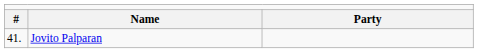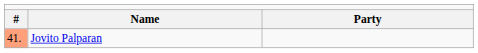 <table class=wikitable width=99% style="font-size:95%">
 <tr>
 <td colspan=4 bgcolor=></td>
 </tr>
 <tr>
 <th width=5%>#</th>
 <th width=50%>Name</th>
 <th colspan=2>Party</th>
 </tr>
 <tr>
-<td>41.</td>
+<td style="background: lightsalmon;">41.</td>
 <td><a href='#'>Jovito Palparan</a></td>
 <td></td>
 </tr>
 </table>
